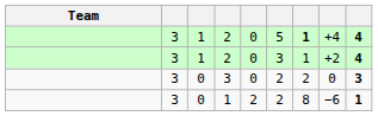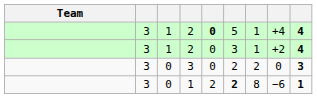 <table class="wikitable" style="text-align:center;">
 <tr>
 <th width=150>Team</th>
 <th width=20></th>
 <th width=20></th>
 <th width=20></th>
 <th width=20></th>
 <th width=20></th>
 <th width=20></th>
 <th width=20></th>
 <th width=20></th>
 </tr>
 <tr bgcolor="#ccffcc">
 <td align=left></td>
 <td>3</td>
 <td>1</td>
 <td>2</td>
-<td>0</td>
+<td><strong>0</strong></td>
 <td>5</td>
-<td><strong>1</strong></td>
+<td>1</td>
 <td>+4</td>
 <td><strong>4</strong></td>
 </tr>
 <tr bgcolor="#ccffcc">
 <td align=left></td>
 <td>3</td>
 <td>1</td>
 <td>2</td>
 <td>0</td>
 <td>3</td>
 <td>1</td>
 <td>+2</td>
 <td><strong>4</strong></td>
 </tr>
 <tr>
 <td align=left></td>
 <td>3</td>
 <td>0</td>
 <td>3</td>
 <td>0</td>
 <td>2</td>
 <td>2</td>
 <td>0</td>
 <td><strong>3</strong></td>
 </tr>
 <tr>
 <td align=left></td>
 <td>3</td>
 <td>0</td>
 <td>1</td>
 <td>2</td>
-<td>2</td>
+<td><strong>2</strong></td>
 <td>8</td>
 <td>−6</td>
 <td><strong>1</strong></td>
 </tr>
 </table>
